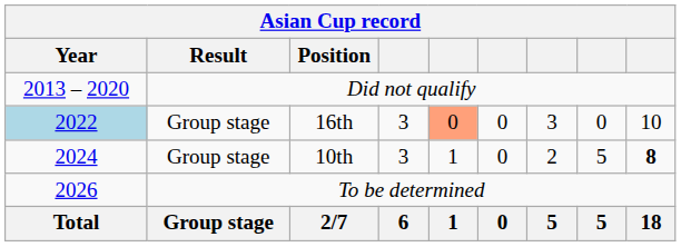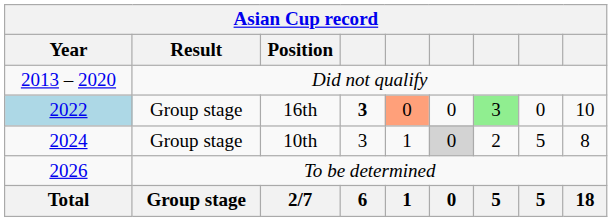 <table class="wikitable" style="text-align: center;">
 <tr>
 <th colspan=9><a href='#'>Asian Cup record</a></th>
 </tr>
 <tr>
 <th style="width:100px;">Year</th>
 <th style="width:100px;">Result</th>
 <th style="width:60px;">Position</th>
 <th style="width:30px;"></th>
 <th style="width:30px;"></th>
 <th style="width:30px;"></th>
 <th style="width:30px;"></th>
 <th style="width:30px;"></th>
 <th style="width:30px;"></th>
 </tr>
 <tr>
 <td><a href='#'>2013</a> – <a href='#'>2020</a></td>
 <td colspan="8"><em>Did not qualify</em></td>
 </tr>
 <tr>
 <td style="background: lightblue;"> <a href='#'>2022</a></td>
 <td>Group stage</td>
 <td>16th</td>
-<td>3</td>
+<td><strong>3</strong></td>
 <td style="background: lightsalmon;">0</td>
 <td>0</td>
-<td>3</td>
+<td style="background: lightgreen;">3</td>
 <td>0</td>
 <td>10</td>
 </tr>
 <tr>
 <td> <a href='#'>2024</a></td>
 <td>Group stage</td>
 <td>10th</td>
 <td>3</td>
 <td>1</td>
-<td>0</td>
+<td style="background: lightgrey;">0</td>
 <td>2</td>
 <td>5</td>
-<td><strong>8</strong></td>
+<td>8</td>
 </tr>
 <tr>
 <td> <a href='#'>2026</a></td>
 <td colspan="8"><em>To be determined</em></td>
 </tr>
 <tr>
 <th><strong>Total</strong></th>
 <th><strong>Group stage</strong></th>
 <th><strong>2/7</strong></th>
 <th><strong>6</strong></th>
 <th><strong>1</strong></th>
 <th><strong>0</strong></th>
 <th><strong>5</strong></th>
 <th><strong>5</strong></th>
 <th><strong>18</strong></th>
 </tr>
 </table>
